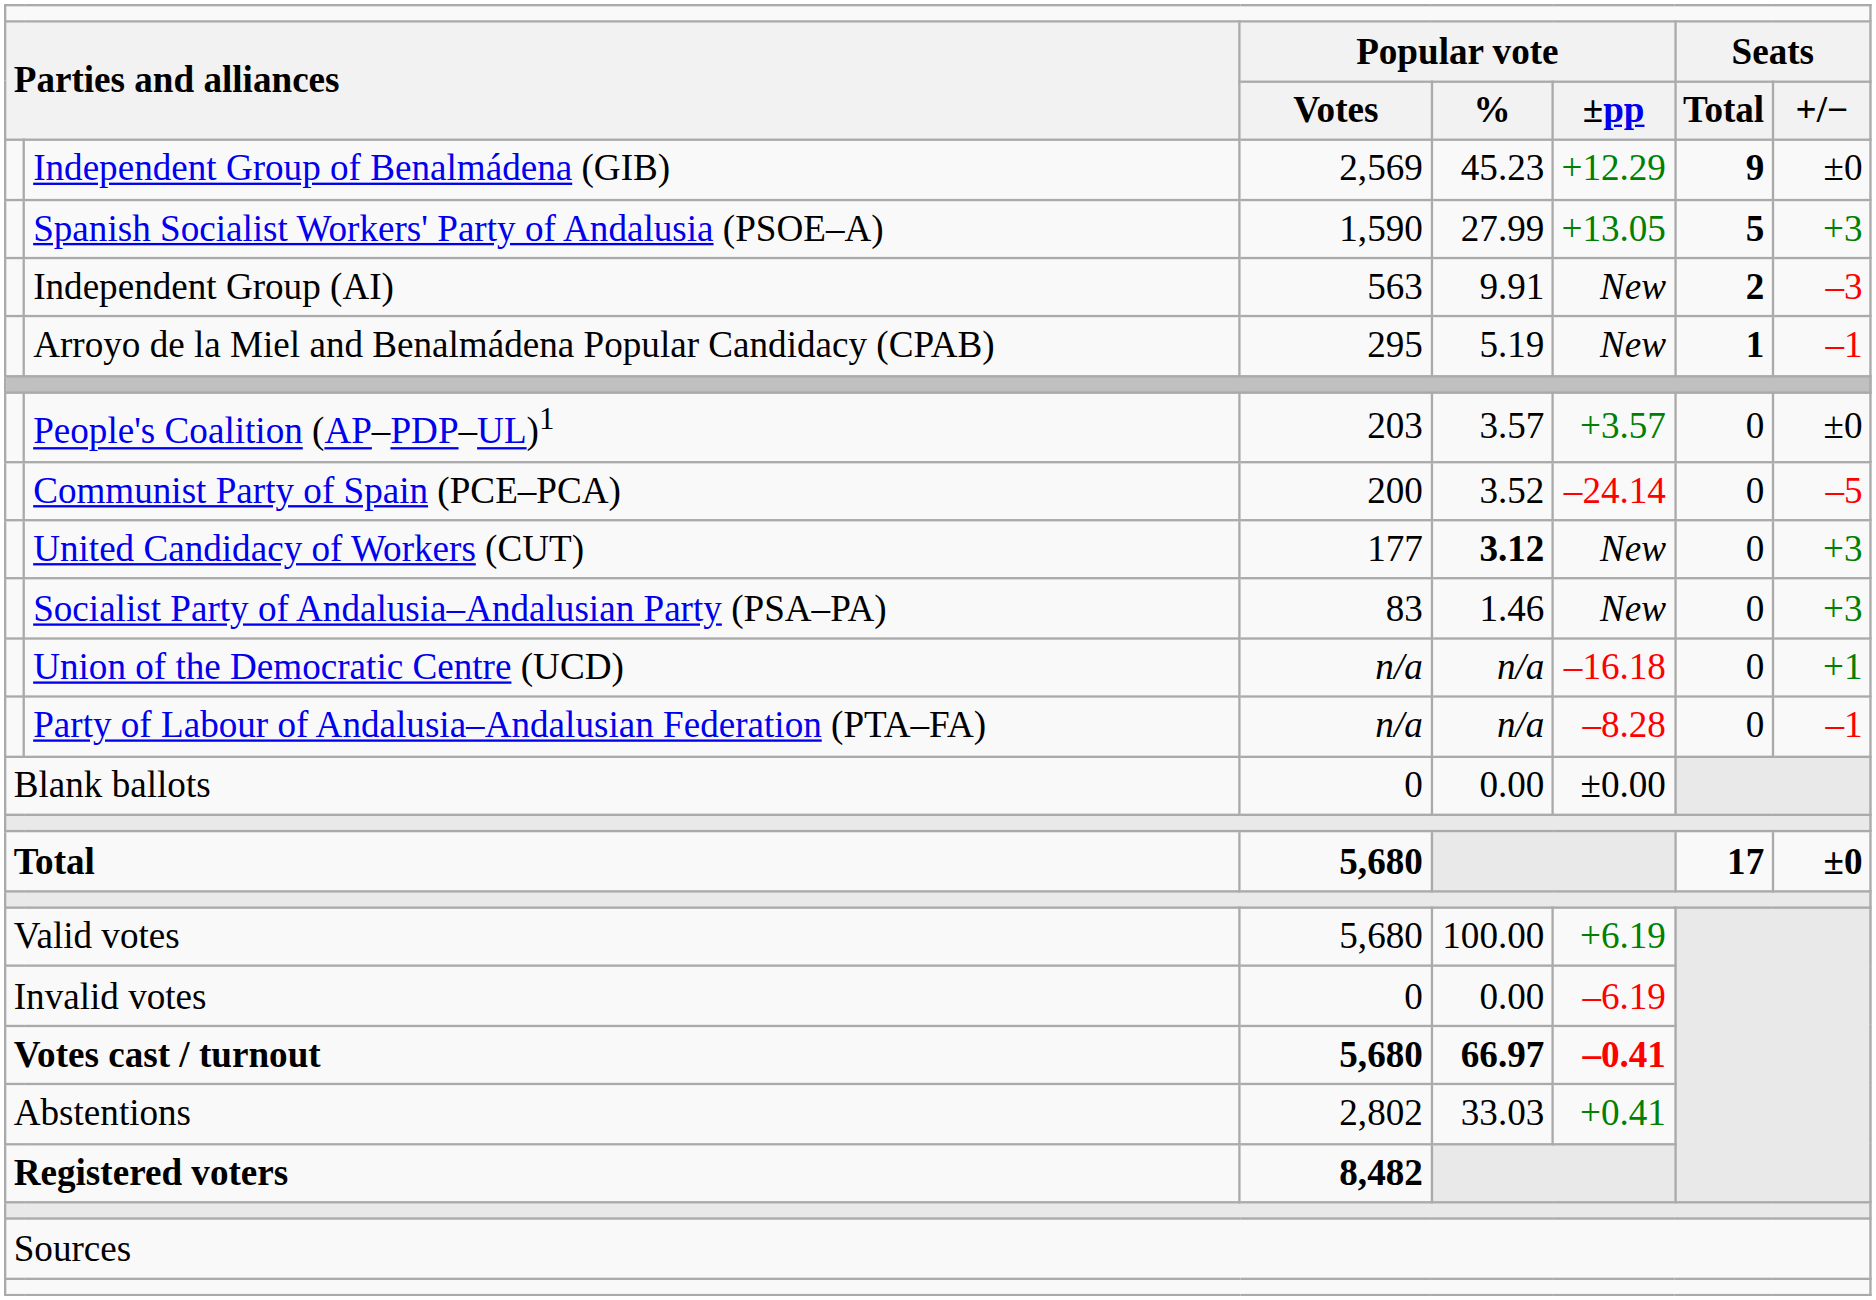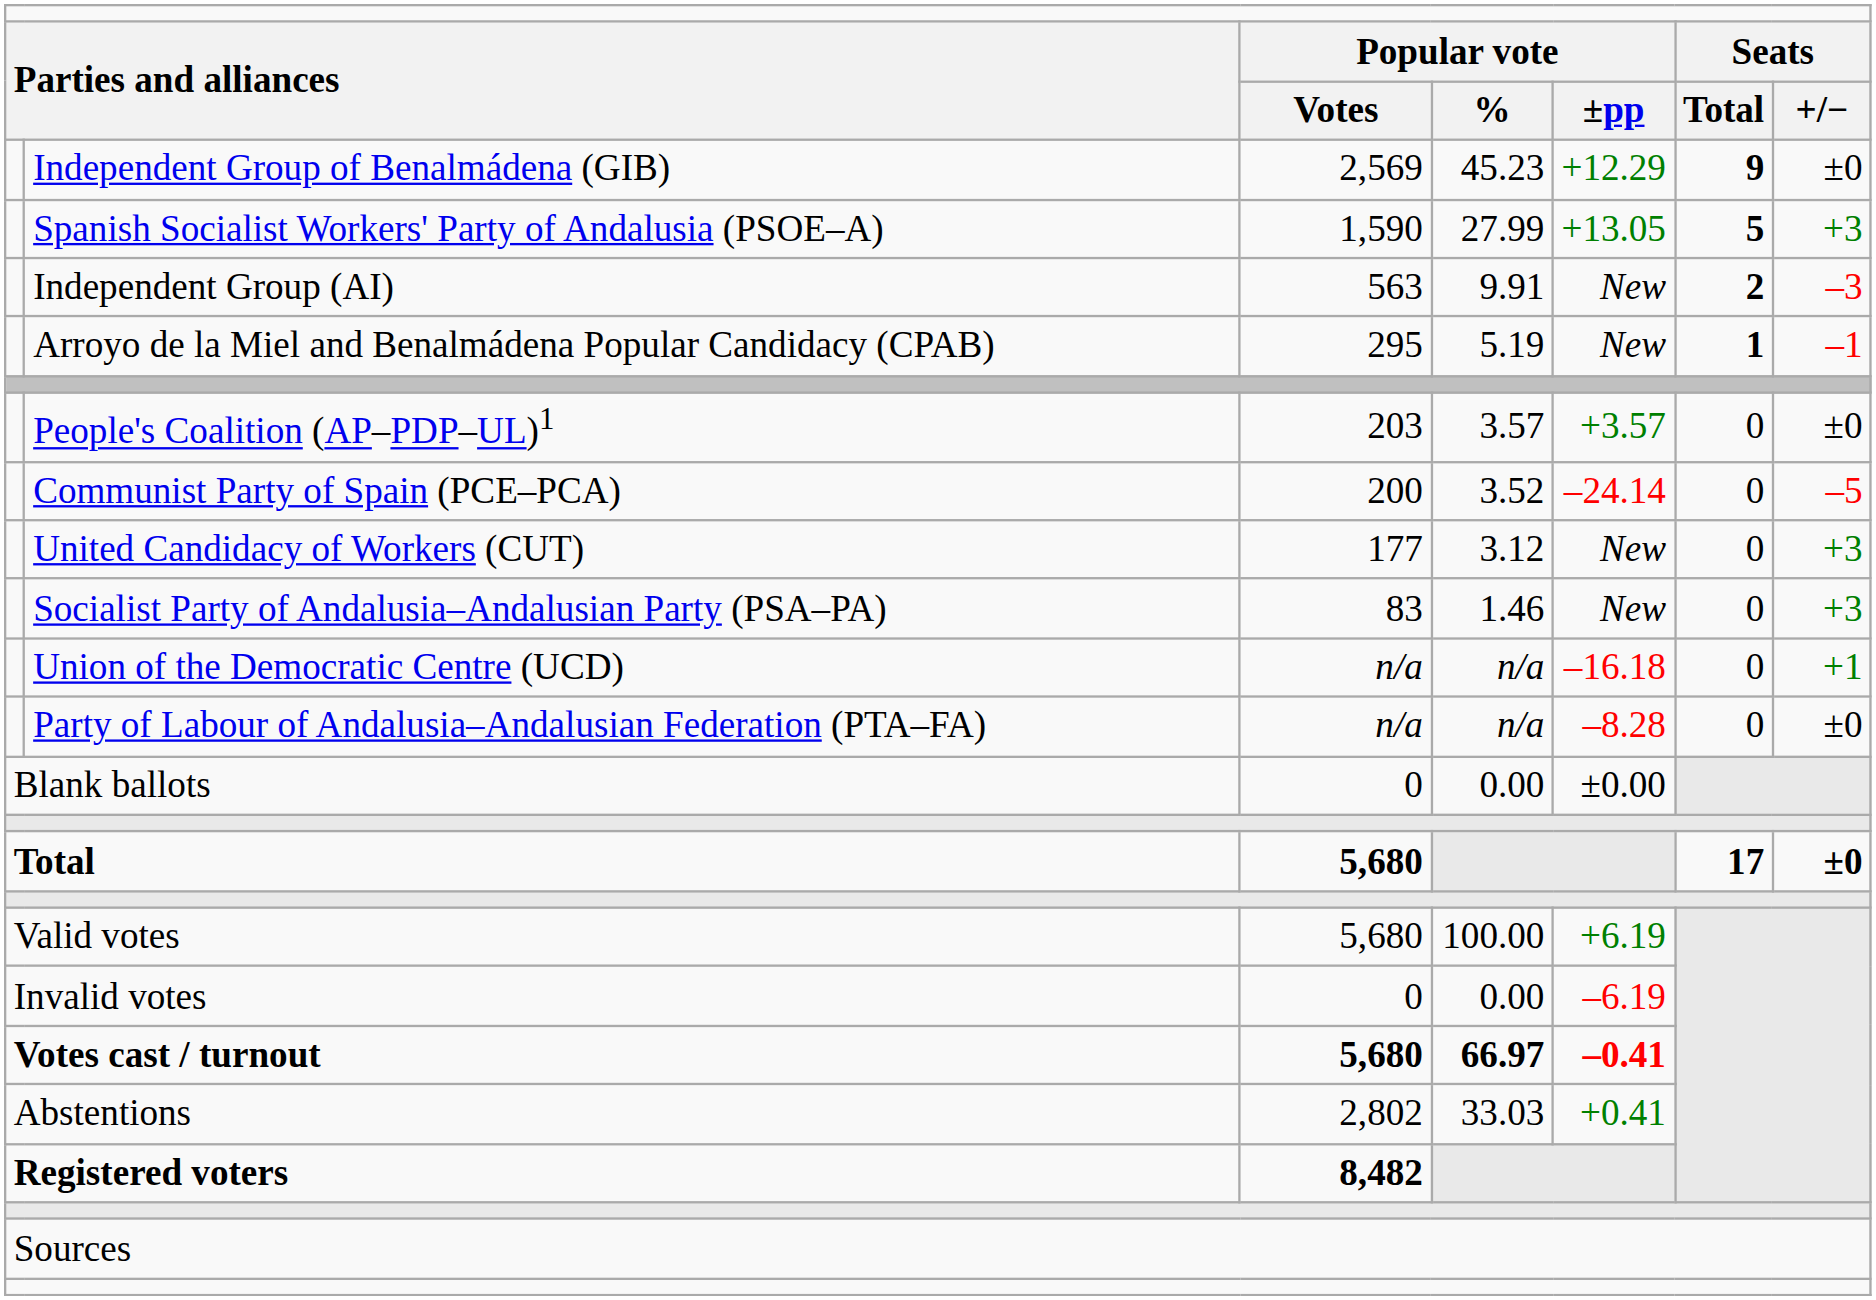 <table class="wikitable" style="text-align:right;">
 <tr>
 <td colspan="7"></td>
 </tr>
 <tr>
 <th style="text-align:left;" rowspan="2" colspan="2" width="525">Parties and alliances</th>
 <th colspan="3">Popular vote</th>
 <th colspan="2">Seats</th>
 </tr>
 <tr>
 <th width="75">Votes</th>
 <th width="45">%</th>
 <th width="45">±<a href='#'>pp</a></th>
 <th width="35">Total</th>
 <th width="35">+/−</th>
 </tr>
 <tr>
 <td width="1" style="color:inherit;background:"></td>
 <td align="left"><a href='#'>Independent Group of Benalmádena</a> (GIB)</td>
 <td>2,569</td>
 <td>45.23</td>
 <td style="color:green;">+12.29</td>
 <td><strong>9</strong></td>
 <td>±0</td>
 </tr>
 <tr>
 <td style="color:inherit;background:"></td>
 <td align="left"><a href='#'>Spanish Socialist Workers' Party of Andalusia</a> (PSOE–A)</td>
 <td>1,590</td>
 <td>27.99</td>
 <td style="color:green;">+13.05</td>
 <td><strong>5</strong></td>
 <td style="color:green;">+3</td>
 </tr>
 <tr>
 <td style="color:inherit;background:"></td>
 <td align="left">Independent Group (AI)</td>
 <td>563</td>
 <td>9.91</td>
 <td><em>New</em></td>
 <td><strong>2</strong></td>
 <td style="color:red;">–3</td>
 </tr>
 <tr>
 <td style="color:inherit;background:"></td>
 <td align="left">Arroyo de la Miel and Benalmádena Popular Candidacy (CPAB)</td>
 <td>295</td>
 <td>5.19</td>
 <td><em>New</em></td>
 <td><strong>1</strong></td>
 <td style="color:red;">–1</td>
 </tr>
 <tr>
 <td colspan="7" bgcolor="#C0C0C0"></td>
 </tr>
 <tr>
 <td style="color:inherit;background:"></td>
 <td align="left"><a href='#'>People's Coalition</a> (<a href='#'>AP</a>–<a href='#'>PDP</a>–<a href='#'>UL</a>)<sup>1</sup></td>
 <td>203</td>
 <td>3.57</td>
 <td style="color:green;">+3.57</td>
 <td>0</td>
 <td>±0</td>
 </tr>
 <tr>
 <td style="color:inherit;background:"></td>
 <td align="left"><a href='#'>Communist Party of Spain</a> (PCE–PCA)</td>
 <td>200</td>
 <td>3.52</td>
 <td style="color:red;">–24.14</td>
 <td>0</td>
 <td style="color:red;">–5</td>
 </tr>
 <tr>
 <td style="color:inherit;background:"></td>
 <td align="left"><a href='#'>United Candidacy of Workers</a> (CUT)</td>
 <td>177</td>
-<td><strong>3.12</strong></td>
+<td>3.12</td>
 <td><em>New</em></td>
 <td>0</td>
 <td style="color:green;">+3</td>
 </tr>
 <tr>
 <td style="color:inherit;background:"></td>
 <td align="left"><a href='#'>Socialist Party of Andalusia–Andalusian Party</a> (PSA–PA)</td>
 <td>83</td>
 <td>1.46</td>
 <td><em>New</em></td>
 <td>0</td>
 <td style="color:green;">+3</td>
 </tr>
 <tr>
 <td style="color:inherit;background:"></td>
 <td align="left"><a href='#'>Union of the Democratic Centre</a> (UCD)</td>
 <td><em>n/a</em></td>
 <td><em>n/a</em></td>
 <td style="color:red;">–16.18</td>
 <td>0</td>
 <td style="color:green;">+1</td>
 </tr>
 <tr>
 <td style="color:inherit;background:"></td>
 <td align="left"><a href='#'>Party of Labour of Andalusia–Andalusian Federation</a> (PTA–FA)</td>
 <td><em>n/a</em></td>
 <td><em>n/a</em></td>
 <td style="color:red;">–8.28</td>
 <td>0</td>
-<td style="color:red;">–1</td>
+<td>±0</td>
 </tr>
 <tr>
 <td align="left" colspan="2">Blank ballots</td>
 <td>0</td>
 <td>0.00</td>
 <td>±0.00</td>
 <td bgcolor="#E9E9E9" colspan="2"></td>
 </tr>
 <tr>
 <td colspan="7" bgcolor="#E9E9E9"></td>
 </tr>
 <tr style="font-weight:bold;">
 <td align="left" colspan="2">Total</td>
 <td>5,680</td>
 <td bgcolor="#E9E9E9" colspan="2"></td>
 <td>17</td>
 <td>±0</td>
 </tr>
 <tr>
 <td colspan="7" bgcolor="#E9E9E9"></td>
 </tr>
 <tr>
 <td align="left" colspan="2">Valid votes</td>
 <td>5,680</td>
 <td>100.00</td>
 <td style="color:green;">+6.19</td>
 <td bgcolor="#E9E9E9" colspan="2" rowspan="5"></td>
 </tr>
 <tr>
 <td align="left" colspan="2">Invalid votes</td>
 <td>0</td>
 <td>0.00</td>
 <td style="color:red;">–6.19</td>
 </tr>
 <tr style="font-weight:bold;">
 <td align="left" colspan="2">Votes cast / turnout</td>
 <td>5,680</td>
 <td>66.97</td>
 <td style="color:red;">–0.41</td>
 </tr>
 <tr>
 <td align="left" colspan="2">Abstentions</td>
 <td>2,802</td>
 <td>33.03</td>
 <td style="color:green;">+0.41</td>
 </tr>
 <tr style="font-weight:bold;">
 <td align="left" colspan="2">Registered voters</td>
 <td>8,482</td>
 <td bgcolor="#E9E9E9" colspan="2"></td>
 </tr>
 <tr>
 <td colspan="7" bgcolor="#E9E9E9"></td>
 </tr>
 <tr>
 <td align="left" colspan="7">Sources</td>
 </tr>
 <tr>
 <td colspan="7" style="text-align:left; max-width:790px;"></td>
 </tr>
 </table>
